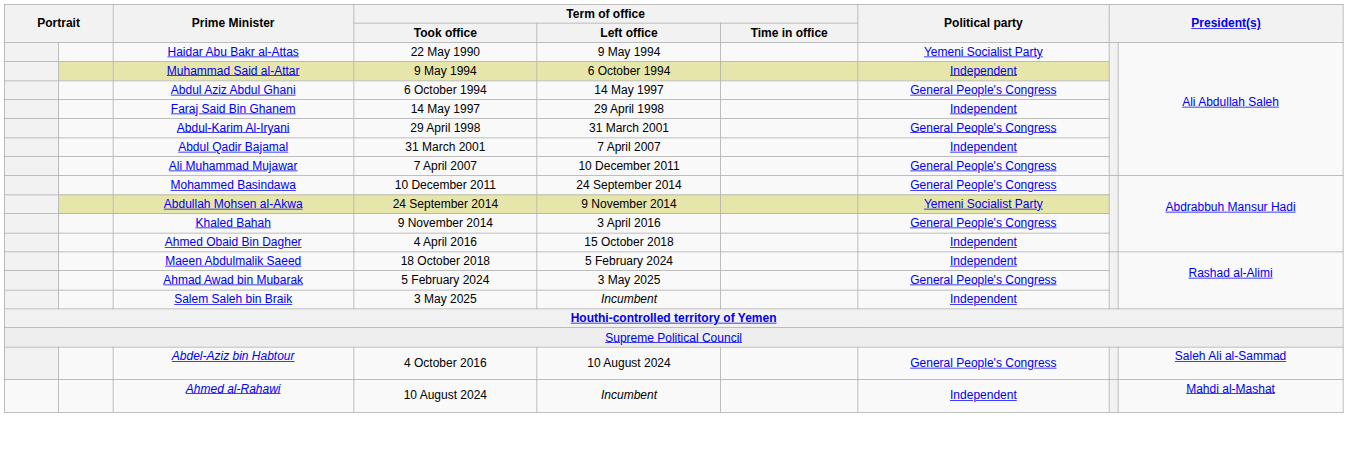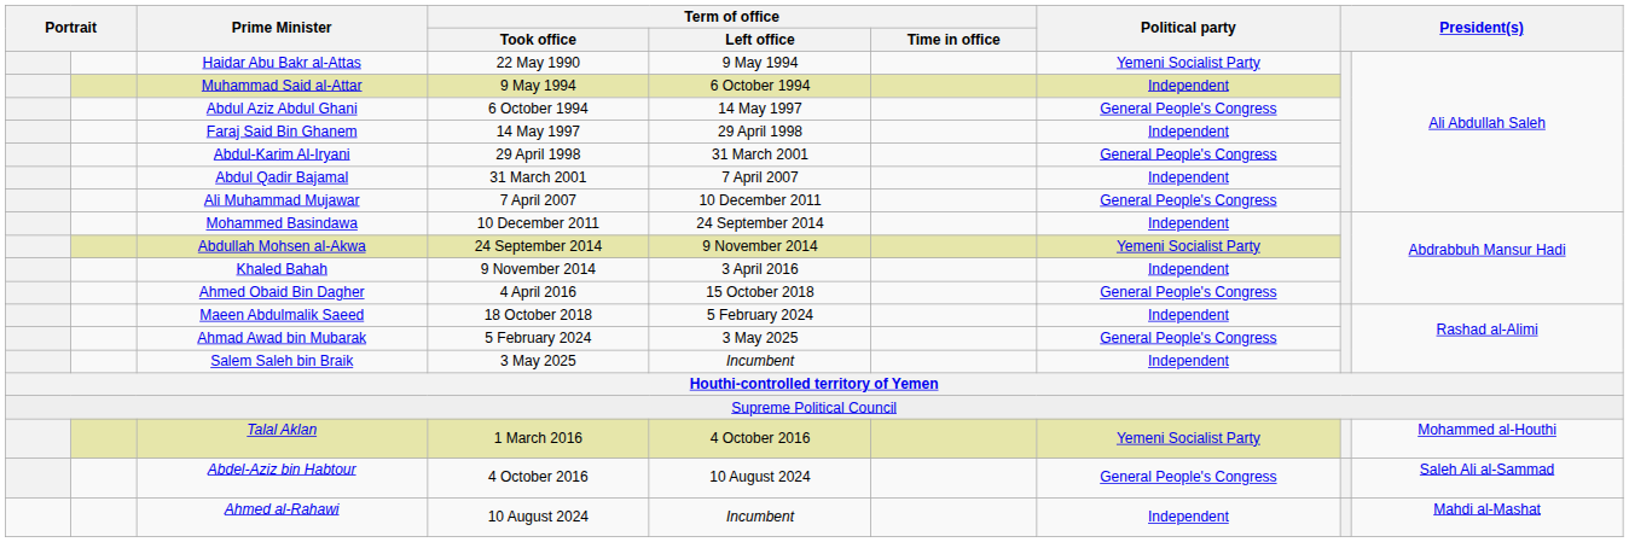 <table class="wikitable" style="text-align:center; border:1px #aaf solid; width:90%;">
 <tr>
 <th rowspan="2" colspan="2" width="80px">Portrait</th>
 <th rowspan="2">Prime Minister<br></th>
 <th colspan="3">Term of office</th>
 <th rowspan="2">Political party</th>
 <th rowspan="2" colspan="2"><a href='#'>President(s)</a><br></th>
 </tr>
 <tr>
 <th>Took office</th>
 <th>Left office</th>
 <th>Time in office</th>
 </tr>
 <tr>
 <th style="background:"></th>
 <td></td>
 <td><a href='#'>Haidar Abu Bakr al-Attas</a><br></td>
 <td>22 May 1990</td>
 <td>9 May 1994<br></td>
 <td></td>
 <td><a href='#'>Yemeni Socialist Party</a></td>
 <th rowspan=7 style="background:"></th>
 <td rowspan=7><a href='#'>Ali Abdullah Saleh</a><br><br></td>
 </tr>
 <tr>
 <th style="background:"></th>
 <td style="background:#e6e6aa;"></td>
 <td style="background:#e6e6aa;"><a href='#'>Muhammad Said al-Attar</a><br></td>
 <td style="background:#e6e6aa;">9 May 1994</td>
 <td style="background:#e6e6aa;">6 October 1994</td>
 <td style="background:#e6e6aa;"></td>
 <td style="background:#e6e6aa;"><a href='#'>Independent</a></td>
 </tr>
 <tr>
 <th style="background:"></th>
 <td></td>
 <td><a href='#'>Abdul Aziz Abdul Ghani</a><br></td>
 <td>6 October 1994</td>
 <td>14 May 1997</td>
 <td></td>
 <td><a href='#'>General People's Congress</a></td>
 </tr>
 <tr>
 <th style="background:"></th>
 <td></td>
 <td><a href='#'>Faraj Said Bin Ghanem</a><br></td>
 <td>14 May 1997</td>
 <td>29 April 1998</td>
 <td></td>
 <td><a href='#'>Independent</a></td>
 </tr>
 <tr>
 <th style="background:"></th>
 <td></td>
 <td><a href='#'>Abdul-Karim Al-Iryani</a><br></td>
 <td>29 April 1998</td>
 <td>31 March 2001</td>
 <td></td>
 <td><a href='#'>General People's Congress</a></td>
 </tr>
 <tr>
 <th style="background:"></th>
 <td></td>
 <td><a href='#'>Abdul Qadir Bajamal</a><br></td>
 <td>31 March 2001</td>
 <td>7 April 2007</td>
 <td></td>
 <td><a href='#'>Independent</a></td>
 </tr>
 <tr>
 <th style="background:"></th>
 <td></td>
 <td><a href='#'>Ali Muhammad Mujawar</a><br></td>
 <td>7 April 2007</td>
 <td>10 December 2011<br></td>
 <td></td>
 <td><a href='#'>General People's Congress</a></td>
 </tr>
 <tr>
 <th style="background:"></th>
 <td></td>
 <td><a href='#'>Mohammed Basindawa</a><br></td>
 <td>10 December 2011</td>
 <td>24 September 2014<br></td>
 <td></td>
-<td><a href='#'>General People's Congress</a></td>
+<td><a href='#'>Independent</a></td>
 <th rowspan=5 style="background:"></th>
 <td rowspan=5><a href='#'>Abdrabbuh Mansur Hadi</a><br><br></td>
 </tr>
 <tr>
 <th style="background:"></th>
 <td style="background:#e6e6aa;"></td>
 <td style="background:#e6e6aa;"><a href='#'>Abdullah Mohsen al-Akwa</a><br></td>
 <td style="background:#e6e6aa;">24 September 2014</td>
 <td style="background:#e6e6aa;">9 November 2014</td>
 <td style="background:#e6e6aa;"></td>
 <td style="background:#e6e6aa;"><a href='#'>Yemeni Socialist Party</a></td>
 </tr>
 <tr>
 <th style="background:"></th>
 <td></td>
 <td><a href='#'>Khaled Bahah</a><br></td>
 <td>9 November 2014</td>
 <td>3 April 2016</td>
 <td></td>
-<td><a href='#'>General People's Congress</a></td>
+<td><a href='#'>Independent</a></td>
 </tr>
 <tr>
 <th style="background:"></th>
 <td></td>
 <td><a href='#'>Ahmed Obaid Bin Dagher</a><br></td>
 <td>4 April 2016</td>
 <td>15 October 2018</td>
 <td></td>
-<td><a href='#'>Independent</a></td>
+<td><a href='#'>General People's Congress</a></td>
 </tr>
 <tr>
 <th rowspan=2 style="background:"></th>
 <td rowspan=2></td>
 <td rowspan=2><a href='#'>Maeen Abdulmalik Saeed</a><br></td>
 <td rowspan=2>18 October 2018</td>
 <td rowspan=2>5 February 2024</td>
 <td rowspan=2></td>
 <td rowspan=2><a href='#'>Independent</a></td>
 </tr>
 <tr>
 <th rowspan=3 style="background:"></th>
 <td rowspan=3><a href='#'>Rashad al-Alimi</a><br><br></td>
 </tr>
 <tr>
 <th style="background:"></th>
 <td></td>
 <td><a href='#'>Ahmad Awad bin Mubarak</a><br></td>
 <td>5 February 2024</td>
 <td>3 May 2025</td>
 <td></td>
 <td><a href='#'>General People's Congress</a><br></td>
 </tr>
 <tr>
 <th style="background:"></th>
 <td></td>
 <td><a href='#'>Salem Saleh bin Braik</a><br></td>
 <td>3 May 2025</td>
 <td><em>Incumbent</em></td>
 <td></td>
 <td><a href='#'>Independent</a></td>
 </tr>
 <tr>
 <th colspan="9"><a href='#'>Houthi-controlled territory of Yemen</a></th>
 </tr>
 <tr>
 <td bgcolor=#EEEEEE colspan="9"><a href='#'>Supreme Political Council</a></td>
 </tr>
 <tr>
+<th style="background:"></th>
+<td style="background:#e6e6aa;"></td>
+<td style="background:#e6e6aa;"><em><a href='#'>Talal Aklan</a></em><br><br></td>
+<td style="background:#e6e6aa;">1 March 2016</td>
+<td style="background:#e6e6aa;">4 October 2016</td>
+<td style="background:#e6e6aa;"></td>
+<td style="background:#e6e6aa;"><a href='#'>Yemeni Socialist Party</a></td>
+<th style="background:"></th>
+<td><a href='#'>Mohammed al-Houthi</a><br><br></td>
+</tr>
+<tr>
 <th rowspan=2 style="background:"></th>
 <td rowspan=2></td>
 <td rowspan=2><em><a href='#'>Abdel-Aziz bin Habtour</a></em><br><br></td>
 <td rowspan=2>4 October 2016</td>
 <td rowspan=2>10 August 2024</td>
 <td rowspan=2></td>
 <td rowspan=2><a href='#'>General People's Congress</a><br></td>
 <th style="background:"></th>
 <td><a href='#'>Saleh Ali al-Sammad</a><br><br></td>
 </tr>
 <tr>
 <th rowspan=2 style="background:"></th>
 <td rowspan=2><a href='#'>Mahdi al-Mashat</a><br><br></td>
 </tr>
 <tr>
 <td style="background:"></td>
 <td></td>
 <td><em><a href='#'>Ahmed al-Rahawi</a></em><br><br></td>
 <td>10 August 2024</td>
 <td><em>Incumbent</em></td>
 <td></td>
 <td><a href='#'>Independent</a></td>
 </tr>
 </table>
